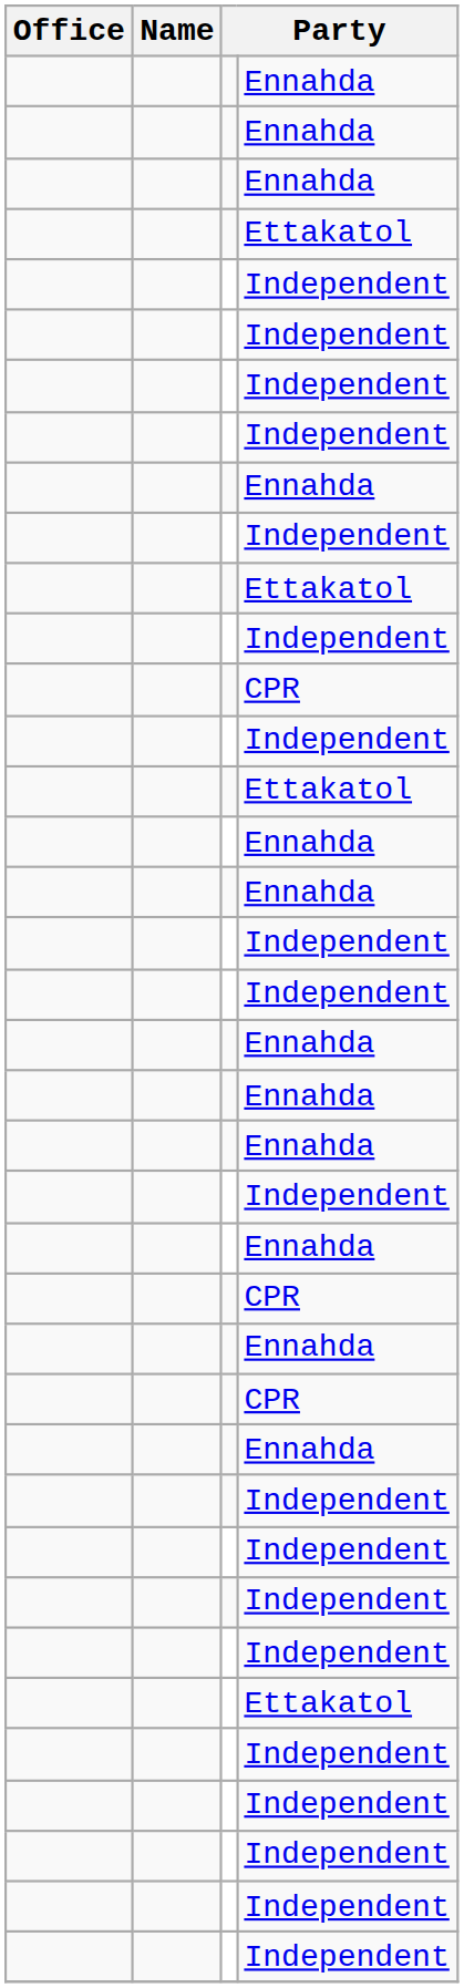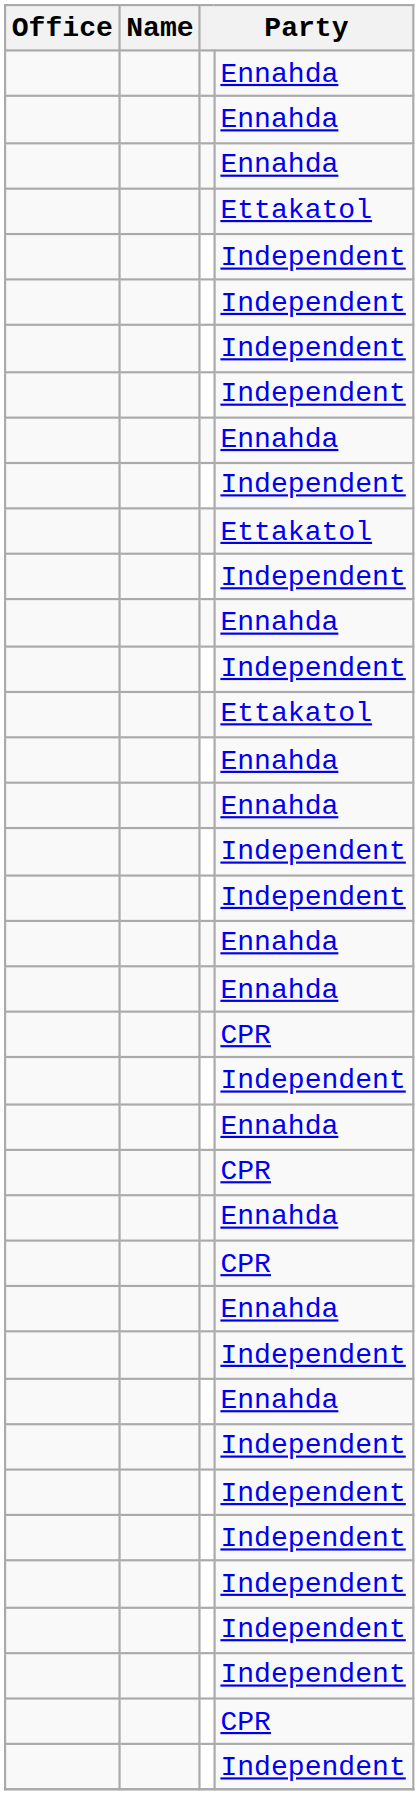 <table class="wikitable sortable">
 <tr>
 <th>Office</th>
 <th>Name</th>
 <th colspan="2">Party</th>
 </tr>
 <tr>
 <td></td>
 <td></td>
 <td></td>
 <td><a href='#'>Ennahda</a></td>
 </tr>
 <tr>
 <td></td>
 <td></td>
 <td></td>
 <td><a href='#'>Ennahda</a></td>
 </tr>
 <tr>
 <td></td>
 <td></td>
 <td></td>
 <td><a href='#'>Ennahda</a></td>
 </tr>
 <tr>
 <td></td>
 <td></td>
 <td></td>
 <td><a href='#'>Ettakatol</a></td>
 </tr>
 <tr>
 <td></td>
 <td></td>
 <td bgcolor="#fff"></td>
 <td><a href='#'>Independent</a></td>
 </tr>
 <tr>
 <td></td>
 <td></td>
 <td bgcolor="#fff"></td>
 <td><a href='#'>Independent</a></td>
 </tr>
 <tr>
 <td></td>
 <td></td>
 <td bgcolor="#fff"></td>
 <td><a href='#'>Independent</a></td>
 </tr>
 <tr>
 <td></td>
 <td></td>
 <td bgcolor="#fff"></td>
 <td><a href='#'>Independent</a></td>
 </tr>
 <tr>
 <td></td>
 <td></td>
 <td></td>
 <td><a href='#'>Ennahda</a></td>
 </tr>
 <tr>
 <td></td>
 <td></td>
 <td bgcolor="#fff"></td>
 <td><a href='#'>Independent</a></td>
 </tr>
 <tr>
 <td></td>
 <td></td>
 <td></td>
 <td><a href='#'>Ettakatol</a></td>
 </tr>
 <tr>
 <td></td>
 <td></td>
 <td bgcolor="#fff"></td>
 <td><a href='#'>Independent</a></td>
 </tr>
 <tr>
 <td></td>
 <td></td>
 <td></td>
-<td><a href='#'>CPR</a></td>
+<td><a href='#'>Ennahda</a></td>
 </tr>
 <tr>
 <td></td>
 <td></td>
 <td bgcolor="#fff"></td>
 <td><a href='#'>Independent</a></td>
 </tr>
 <tr>
 <td></td>
 <td></td>
 <td></td>
 <td><a href='#'>Ettakatol</a></td>
 </tr>
 <tr>
 <td></td>
 <td></td>
 <td bgcolor="#fff"></td>
 <td><a href='#'>Ennahda</a></td>
 </tr>
 <tr>
 <td></td>
 <td></td>
 <td></td>
 <td><a href='#'>Ennahda</a></td>
 </tr>
 <tr>
 <td></td>
 <td></td>
 <td bgcolor="#fff"></td>
 <td><a href='#'>Independent</a></td>
 </tr>
 <tr>
 <td></td>
 <td></td>
 <td bgcolor="#fff"></td>
 <td><a href='#'>Independent</a></td>
 </tr>
 <tr>
 <td></td>
 <td></td>
 <td></td>
 <td><a href='#'>Ennahda</a></td>
 </tr>
 <tr>
 <td></td>
 <td></td>
 <td></td>
 <td><a href='#'>Ennahda</a></td>
 </tr>
 <tr>
 <td></td>
 <td></td>
 <td></td>
-<td><a href='#'>Ennahda</a></td>
+<td><a href='#'>CPR</a></td>
 </tr>
 <tr>
 <td></td>
 <td></td>
 <td bgcolor="#fff"></td>
 <td><a href='#'>Independent</a></td>
 </tr>
 <tr>
 <td></td>
 <td></td>
 <td bgcolor="#fff"></td>
 <td><a href='#'>Ennahda</a></td>
 </tr>
 <tr>
 <td></td>
 <td></td>
 <td></td>
 <td><a href='#'>CPR</a></td>
 </tr>
 <tr>
 <td></td>
 <td></td>
 <td></td>
 <td><a href='#'>Ennahda</a></td>
 </tr>
 <tr>
 <td></td>
 <td></td>
 <td></td>
 <td><a href='#'>CPR</a></td>
 </tr>
 <tr>
 <td></td>
 <td></td>
 <td></td>
 <td><a href='#'>Ennahda</a></td>
 </tr>
 <tr>
 <td></td>
 <td></td>
 <td></td>
 <td><a href='#'>Independent</a></td>
 </tr>
 <tr>
 <td></td>
 <td></td>
 <td bgcolor="#fff"></td>
-<td><a href='#'>Independent</a></td>
+<td><a href='#'>Ennahda</a></td>
 </tr>
 <tr>
 <td></td>
 <td></td>
 <td></td>
 <td><a href='#'>Independent</a></td>
-</tr>
-<tr>
-<td></td>
-<td></td>
-<td bgcolor="#fff"></td>
-<td><a href='#'>Independent</a></td>
-</tr>
-<tr>
-<td></td>
-<td></td>
-<td bgcolor="#fff"></td>
-<td><a href='#'>Ettakatol</a></td>
 </tr>
 <tr>
 <td></td>
 <td></td>
 <td bgcolor="#fff"></td>
 <td><a href='#'>Independent</a></td>
 </tr>
 <tr>
 <td></td>
 <td></td>
 <td bgcolor="#fff"></td>
 <td><a href='#'>Independent</a></td>
 </tr>
 <tr>
 <td></td>
 <td></td>
 <td bgcolor="#fff"></td>
 <td><a href='#'>Independent</a></td>
 </tr>
 <tr>
 <td></td>
 <td></td>
 <td bgcolor="#fff"></td>
 <td><a href='#'>Independent</a></td>
 </tr>
 <tr>
 <td></td>
 <td></td>
 <td bgcolor="#fff"></td>
 <td><a href='#'>Independent</a></td>
 </tr>
 <tr>
+<td></td>
+<td></td>
+<td bgcolor="#fff"></td>
+<td><a href='#'>CPR</a></td>
+</tr>
+<tr>
+<td></td>
+<td></td>
+<td bgcolor="#fff"></td>
+<td><a href='#'>Independent</a></td>
+</tr>
+<tr>
 </tr>
 </table>
